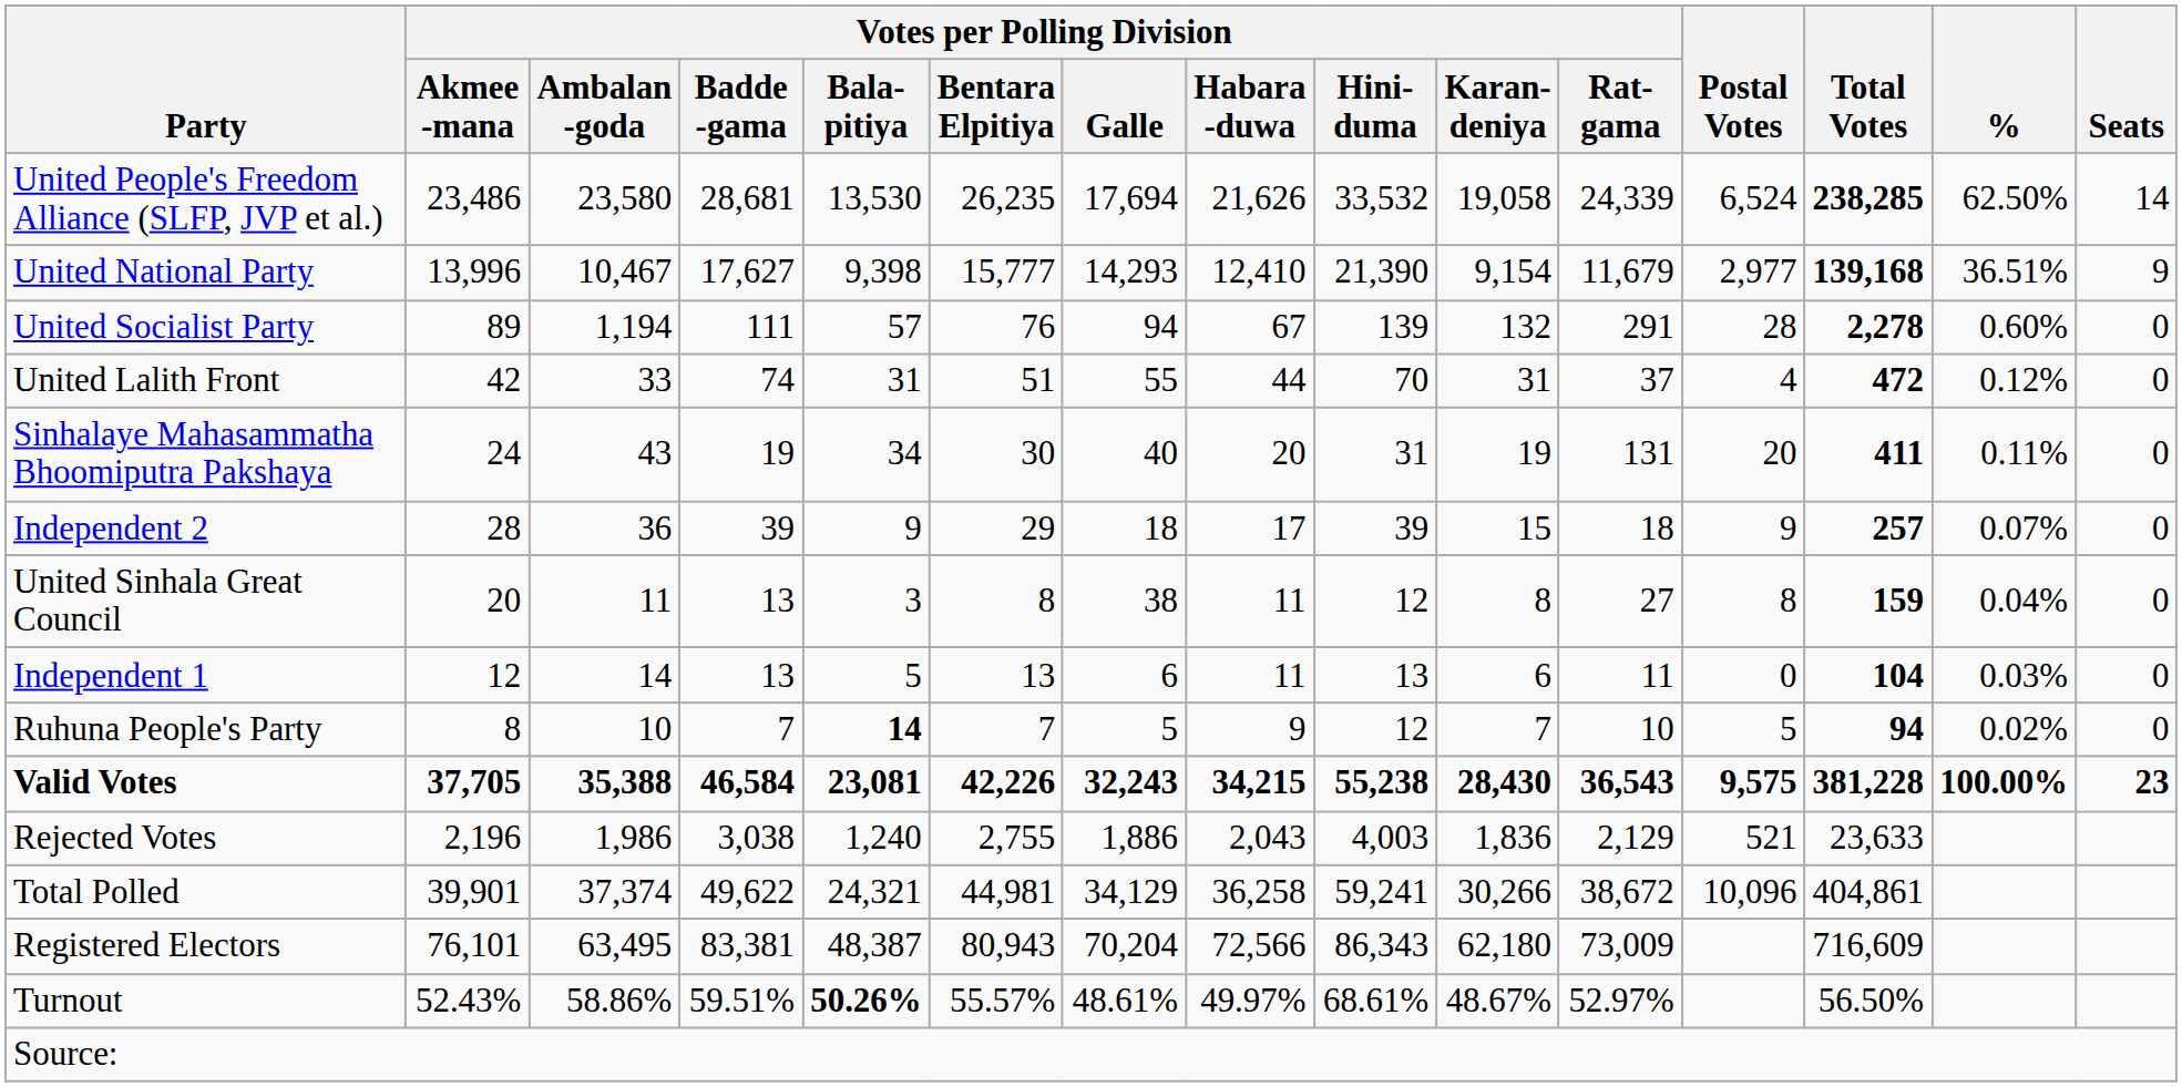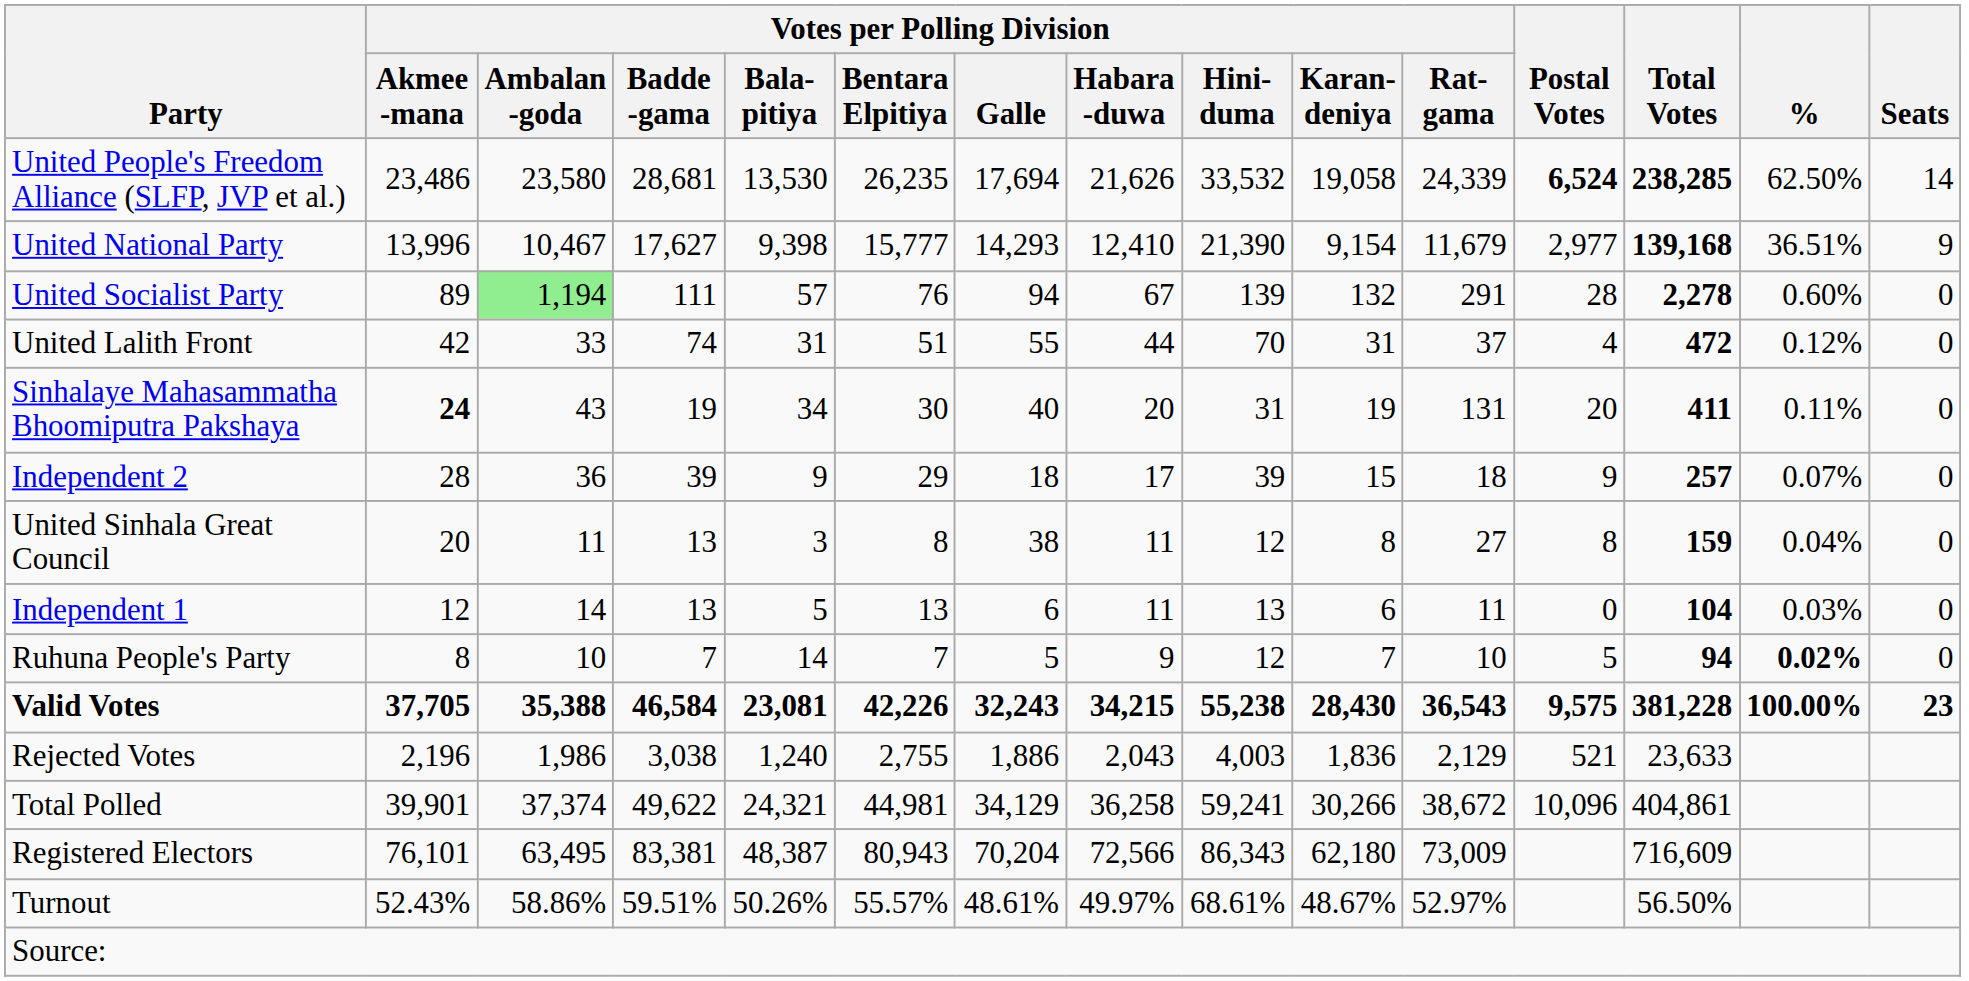 <table class="wikitable" border="1" style="text-align:right;">
 <tr>
 <th rowspan="2" align="left" valign="bottom" width="180">Party</th>
 <th colspan="10">Votes per Polling Division</th>
 <th rowspan="2" align="center" valign="bottom" width="50">Postal<br>Votes</th>
 <th rowspan="2" align="center" valign="bottom" width="50">Total Votes</th>
 <th rowspan="2" align="center" valign="bottom" width="50">%</th>
 <th rowspan="2" align="center" valign="bottom" width="40">Seats</th>
 </tr>
 <tr>
 <th align="center" valign="bottom" width="50">Akmee<br>-mana</th>
 <th align="center" valign="bottom" width="50">Ambalan<br>-goda</th>
 <th align="center" valign="bottom" width="50">Badde<br>-gama</th>
 <th align="center" valign="bottom" width="50">Bala-<br>pitiya</th>
 <th align="center" valign="bottom" width="50">Bentara<br>Elpitiya</th>
 <th align="center" valign="bottom" width="50">Galle</th>
 <th align="center" valign="bottom" width="50">Habara<br>-duwa</th>
 <th align="center" valign="bottom" width="50">Hini-<br>duma</th>
 <th align="center" valign="bottom" width="50">Karan-<br>deniya</th>
 <th align="center" valign="bottom" width="50">Rat-<br>gama</th>
 </tr>
 <tr>
 <td align="left"><a href='#'>United People's Freedom Alliance</a> (<a href='#'>SLFP</a>, <a href='#'>JVP</a> et al.)</td>
 <td>23,486</td>
 <td>23,580</td>
 <td>28,681</td>
 <td>13,530</td>
 <td>26,235</td>
 <td>17,694</td>
 <td>21,626</td>
 <td>33,532</td>
 <td>19,058</td>
 <td>24,339</td>
-<td>6,524</td>
+<td><strong>6,524</strong></td>
 <td><strong>238,285</strong></td>
 <td>62.50%</td>
 <td>14</td>
 </tr>
 <tr>
 <td align="left"><a href='#'>United National Party</a></td>
 <td>13,996</td>
 <td>10,467</td>
 <td>17,627</td>
 <td>9,398</td>
 <td>15,777</td>
 <td>14,293</td>
 <td>12,410</td>
 <td>21,390</td>
 <td>9,154</td>
 <td>11,679</td>
 <td>2,977</td>
 <td><strong>139,168</strong></td>
 <td>36.51%</td>
 <td>9</td>
 </tr>
 <tr>
 <td align="left"><a href='#'>United Socialist Party</a></td>
 <td>89</td>
-<td>1,194</td>
+<td style="background: lightgreen;">1,194</td>
 <td>111</td>
 <td>57</td>
 <td>76</td>
 <td>94</td>
 <td>67</td>
 <td>139</td>
 <td>132</td>
 <td>291</td>
 <td>28</td>
 <td><strong>2,278</strong></td>
 <td>0.60%</td>
 <td>0</td>
 </tr>
 <tr>
 <td align="left">United Lalith Front</td>
 <td>42</td>
 <td>33</td>
 <td>74</td>
 <td>31</td>
 <td>51</td>
 <td>55</td>
 <td>44</td>
 <td>70</td>
 <td>31</td>
 <td>37</td>
 <td>4</td>
 <td><strong>472</strong></td>
 <td>0.12%</td>
 <td>0</td>
 </tr>
 <tr>
 <td align="left"><a href='#'>Sinhalaye Mahasammatha Bhoomiputra Pakshaya</a></td>
-<td>24</td>
+<td><strong>24</strong></td>
 <td>43</td>
 <td>19</td>
 <td>34</td>
 <td>30</td>
 <td>40</td>
 <td>20</td>
 <td>31</td>
 <td>19</td>
 <td>131</td>
 <td>20</td>
 <td><strong>411</strong></td>
 <td>0.11%</td>
 <td>0</td>
 </tr>
 <tr>
 <td align="left"><a href='#'>Independent 2</a></td>
 <td>28</td>
 <td>36</td>
 <td>39</td>
 <td>9</td>
 <td>29</td>
 <td>18</td>
 <td>17</td>
 <td>39</td>
 <td>15</td>
 <td>18</td>
 <td>9</td>
 <td><strong>257</strong></td>
 <td>0.07%</td>
 <td>0</td>
 </tr>
 <tr>
 <td align="left">United Sinhala Great Council</td>
 <td>20</td>
 <td>11</td>
 <td>13</td>
 <td>3</td>
 <td>8</td>
 <td>38</td>
 <td>11</td>
 <td>12</td>
 <td>8</td>
 <td>27</td>
 <td>8</td>
 <td><strong>159</strong></td>
 <td>0.04%</td>
 <td>0</td>
 </tr>
 <tr>
 <td align="left"><a href='#'>Independent 1</a></td>
 <td>12</td>
 <td>14</td>
 <td>13</td>
 <td>5</td>
 <td>13</td>
 <td>6</td>
 <td>11</td>
 <td>13</td>
 <td>6</td>
 <td>11</td>
 <td>0</td>
 <td><strong>104</strong></td>
 <td>0.03%</td>
 <td>0</td>
 </tr>
 <tr>
 <td align="left">Ruhuna People's Party</td>
 <td>8</td>
 <td>10</td>
 <td>7</td>
-<td><strong>14</strong></td>
+<td>14</td>
 <td>7</td>
 <td>5</td>
 <td>9</td>
 <td>12</td>
 <td>7</td>
 <td>10</td>
 <td>5</td>
 <td><strong>94</strong></td>
-<td>0.02%</td>
+<td><strong>0.02%</strong></td>
 <td>0</td>
 </tr>
 <tr>
 <td align="left"><strong>Valid Votes</strong></td>
 <td><strong>37,705</strong></td>
 <td><strong>35,388</strong></td>
 <td><strong>46,584</strong></td>
 <td><strong>23,081</strong></td>
 <td><strong>42,226</strong></td>
 <td><strong>32,243</strong></td>
 <td><strong>34,215</strong></td>
 <td><strong>55,238</strong></td>
 <td><strong>28,430</strong></td>
 <td><strong>36,543</strong></td>
 <td><strong>9,575</strong></td>
 <td><strong>381,228</strong></td>
 <td><strong>100.00%</strong></td>
 <td><strong>23</strong></td>
 </tr>
 <tr>
 <td align="left">Rejected Votes</td>
 <td>2,196</td>
 <td>1,986</td>
 <td>3,038</td>
 <td>1,240</td>
 <td>2,755</td>
 <td>1,886</td>
 <td>2,043</td>
 <td>4,003</td>
 <td>1,836</td>
 <td>2,129</td>
 <td>521</td>
 <td>23,633</td>
 <td></td>
 <td></td>
 </tr>
 <tr>
 <td align="left">Total Polled</td>
 <td>39,901</td>
 <td>37,374</td>
 <td>49,622</td>
 <td>24,321</td>
 <td>44,981</td>
 <td>34,129</td>
 <td>36,258</td>
 <td>59,241</td>
 <td>30,266</td>
 <td>38,672</td>
 <td>10,096</td>
 <td>404,861</td>
 <td></td>
 <td></td>
 </tr>
 <tr>
 <td align="left">Registered Electors</td>
 <td>76,101</td>
 <td>63,495</td>
 <td>83,381</td>
 <td>48,387</td>
 <td>80,943</td>
 <td>70,204</td>
 <td>72,566</td>
 <td>86,343</td>
 <td>62,180</td>
 <td>73,009</td>
 <td></td>
 <td>716,609</td>
 <td></td>
 <td></td>
 </tr>
 <tr>
 <td align="left">Turnout</td>
 <td>52.43%</td>
 <td>58.86%</td>
 <td>59.51%</td>
-<td><strong>50.26%</strong></td>
+<td>50.26%</td>
 <td>55.57%</td>
 <td>48.61%</td>
 <td>49.97%</td>
 <td>68.61%</td>
 <td>48.67%</td>
 <td>52.97%</td>
 <td></td>
 <td>56.50%</td>
 <td></td>
 <td></td>
 </tr>
 <tr>
 <td colspan="16" align="left">Source:</td>
 </tr>
 </table>
